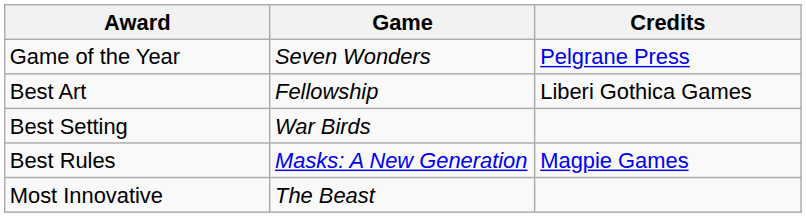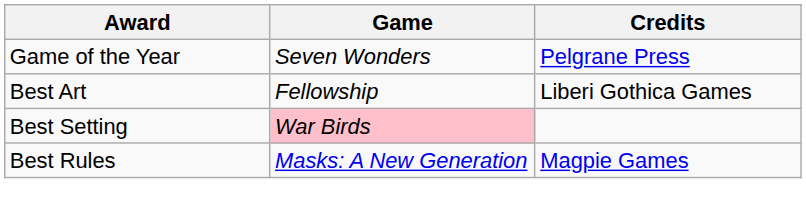 <table class="wikitable sortable" style="margins:auto; width=95%; font-size: 95%;">
 <tr>
 <th width="33%">Award</th>
 <th width="33%">Game</th>
 <th width="33%">Credits</th>
 </tr>
 <tr>
 <td>Game of the Year</td>
 <td><em>Seven Wonders</em></td>
 <td><a href='#'>Pelgrane Press</a></td>
 </tr>
 <tr>
 <td>Best Art</td>
 <td><em>Fellowship</em></td>
 <td>Liberi Gothica Games</td>
 </tr>
 <tr>
 <td>Best Setting</td>
-<td><em>War Birds</em></td>
+<td style="background: pink;"><em>War Birds</em></td>
 <td></td>
 </tr>
 <tr>
 <td>Best Rules</td>
 <td><em><a href='#'>Masks: A New Generation</a></em></td>
 <td><a href='#'>Magpie Games</a></td>
 </tr>
-<tr>
-<td>Most Innovative</td>
-<td><em>The Beast</em></td>
-<td></td>
-</tr>
 </table>
